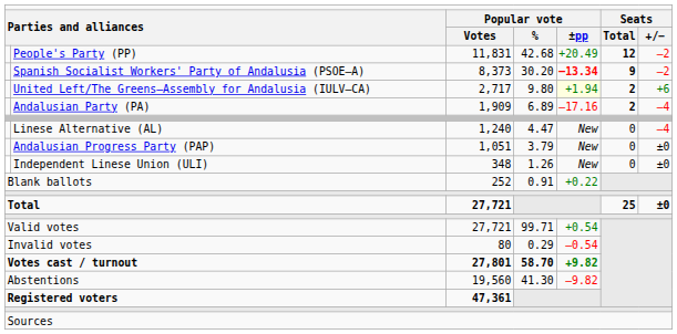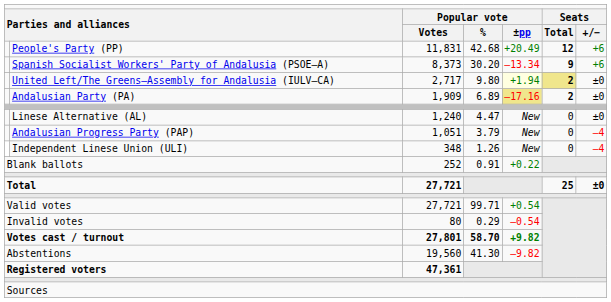 <table class="wikitable" style="text-align:right;">
 <tr>
 <td colspan="7"></td>
 </tr>
 <tr>
 <th style="text-align:left;" rowspan="2" colspan="2" width="525">Parties and alliances</th>
 <th colspan="3">Popular vote</th>
 <th colspan="2">Seats</th>
 </tr>
 <tr>
 <th width="75">Votes</th>
 <th width="45">%</th>
 <th width="45">±<a href='#'>pp</a></th>
 <th width="35">Total</th>
 <th width="35">+/−</th>
 </tr>
 <tr>
 <td width="1" style="color:inherit;background:"></td>
 <td align="left"><a href='#'>People's Party</a> (PP)</td>
 <td>11,831</td>
 <td>42.68</td>
 <td style="color:green;">+20.49</td>
 <td><strong>12</strong></td>
-<td style="color:red;">–2</td>
+<td style="color:green;">+6</td>
 </tr>
 <tr>
 <td style="color:inherit;background:"></td>
 <td align="left"><a href='#'>Spanish Socialist Workers' Party of Andalusia</a> (PSOE–A)</td>
 <td>8,373</td>
 <td>30.20</td>
-<td style="color:red;"><strong>–13.34</strong></td>
+<td style="color:red;">–13.34</td>
 <td><strong>9</strong></td>
-<td style="color:red;">–2</td>
+<td style="color:green;">+6</td>
 </tr>
 <tr>
 <td style="color:inherit;background:"></td>
 <td align="left"><a href='#'>United Left/The Greens–Assembly for Andalusia</a> (IULV–CA)</td>
 <td>2,717</td>
 <td>9.80</td>
 <td style="background: lightyellow; color:green;">+1.94</td>
-<td><strong>2</strong></td>
-<td style="color:green;">+6</td>
+<td style="background: khaki;"><strong>2</strong></td>
+<td>±0</td>
 </tr>
 <tr>
 <td style="color:inherit;background:"></td>
 <td align="left"><a href='#'>Andalusian Party</a> (PA)</td>
 <td>1,909</td>
 <td>6.89</td>
-<td style="color:red;">–17.16</td>
+<td style="background: khaki; color:red;">–17.16</td>
 <td><strong>2</strong></td>
-<td style="color:red;">–4</td>
+<td>±0</td>
 </tr>
 <tr>
 <td colspan="7" bgcolor="#C0C0C0"></td>
 </tr>
 <tr>
 <td style="color:inherit;background:"></td>
 <td align="left">Linese Alternative (AL)</td>
 <td>1,240</td>
 <td>4.47</td>
 <td><em>New</em></td>
 <td>0</td>
-<td style="color:red;">–4</td>
+<td>±0</td>
 </tr>
 <tr>
 <td style="color:inherit;background:"></td>
 <td align="left"><a href='#'>Andalusian Progress Party</a> (PAP)</td>
 <td>1,051</td>
 <td>3.79</td>
 <td><em>New</em></td>
 <td>0</td>
-<td>±0</td>
+<td style="color:red;">–4</td>
 </tr>
 <tr>
 <td bgcolor="white"></td>
 <td align="left">Independent Linese Union (ULI)</td>
 <td>348</td>
 <td>1.26</td>
 <td><em>New</em></td>
 <td>0</td>
-<td>±0</td>
+<td style="color:red;">–4</td>
 </tr>
 <tr>
 <td align="left" colspan="2">Blank ballots</td>
 <td>252</td>
 <td>0.91</td>
 <td style="color:green;">+0.22</td>
 <td bgcolor="#E9E9E9" colspan="2"></td>
 </tr>
 <tr>
 <td colspan="7" bgcolor="#E9E9E9"></td>
 </tr>
 <tr style="font-weight:bold;">
 <td align="left" colspan="2">Total</td>
 <td>27,721</td>
 <td bgcolor="#E9E9E9" colspan="2"></td>
 <td>25</td>
 <td>±0</td>
 </tr>
 <tr>
 <td colspan="7" bgcolor="#E9E9E9"></td>
 </tr>
 <tr>
 <td align="left" colspan="2">Valid votes</td>
 <td>27,721</td>
 <td>99.71</td>
 <td style="color:green;">+0.54</td>
 <td bgcolor="#E9E9E9" colspan="2" rowspan="5"></td>
 </tr>
 <tr>
 <td align="left" colspan="2">Invalid votes</td>
 <td>80</td>
 <td>0.29</td>
 <td style="color:red;">–0.54</td>
 </tr>
 <tr style="font-weight:bold;">
 <td align="left" colspan="2">Votes cast / turnout</td>
 <td>27,801</td>
 <td>58.70</td>
 <td style="color:green;">+9.82</td>
 </tr>
 <tr>
 <td align="left" colspan="2">Abstentions</td>
 <td>19,560</td>
 <td>41.30</td>
 <td style="color:red;">–9.82</td>
 </tr>
 <tr style="font-weight:bold;">
 <td align="left" colspan="2">Registered voters</td>
 <td>47,361</td>
 <td bgcolor="#E9E9E9" colspan="2"></td>
 </tr>
 <tr>
 <td colspan="7" bgcolor="#E9E9E9"></td>
 </tr>
 <tr>
 <td align="left" colspan="7">Sources</td>
 </tr>
 </table>
